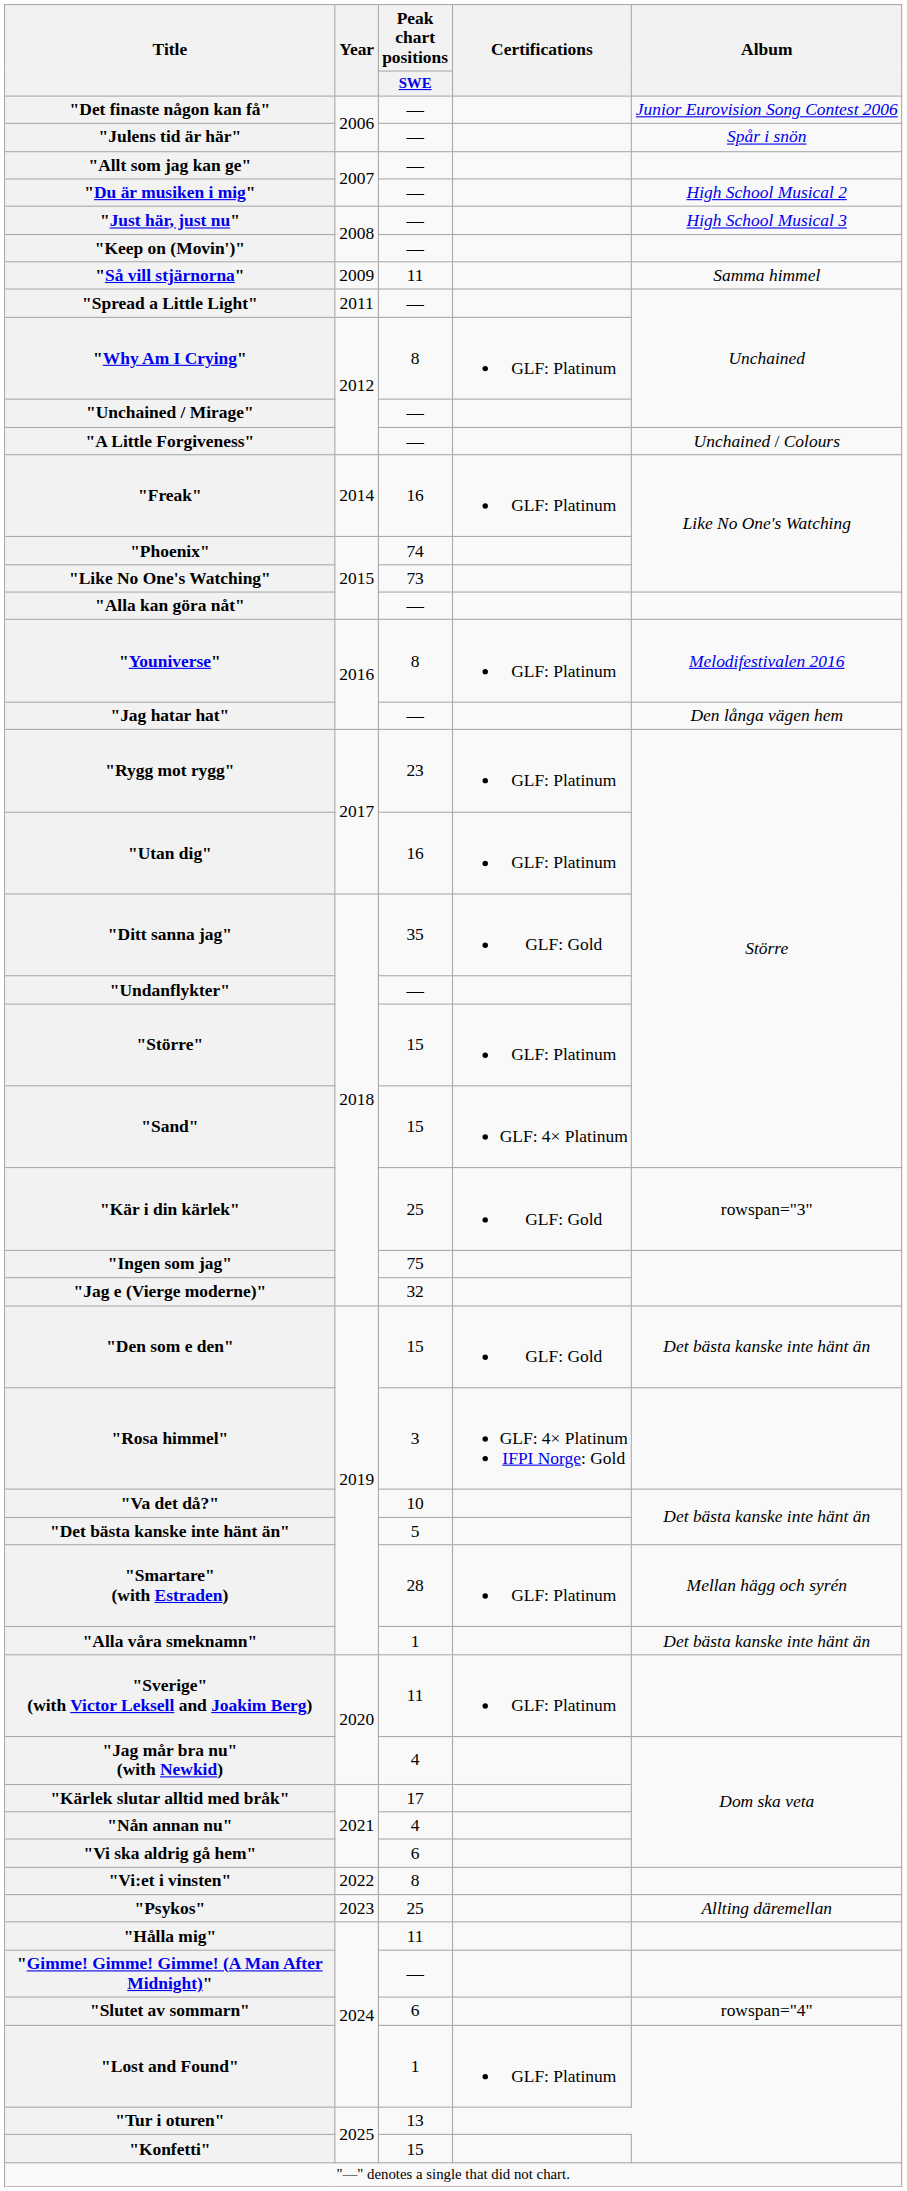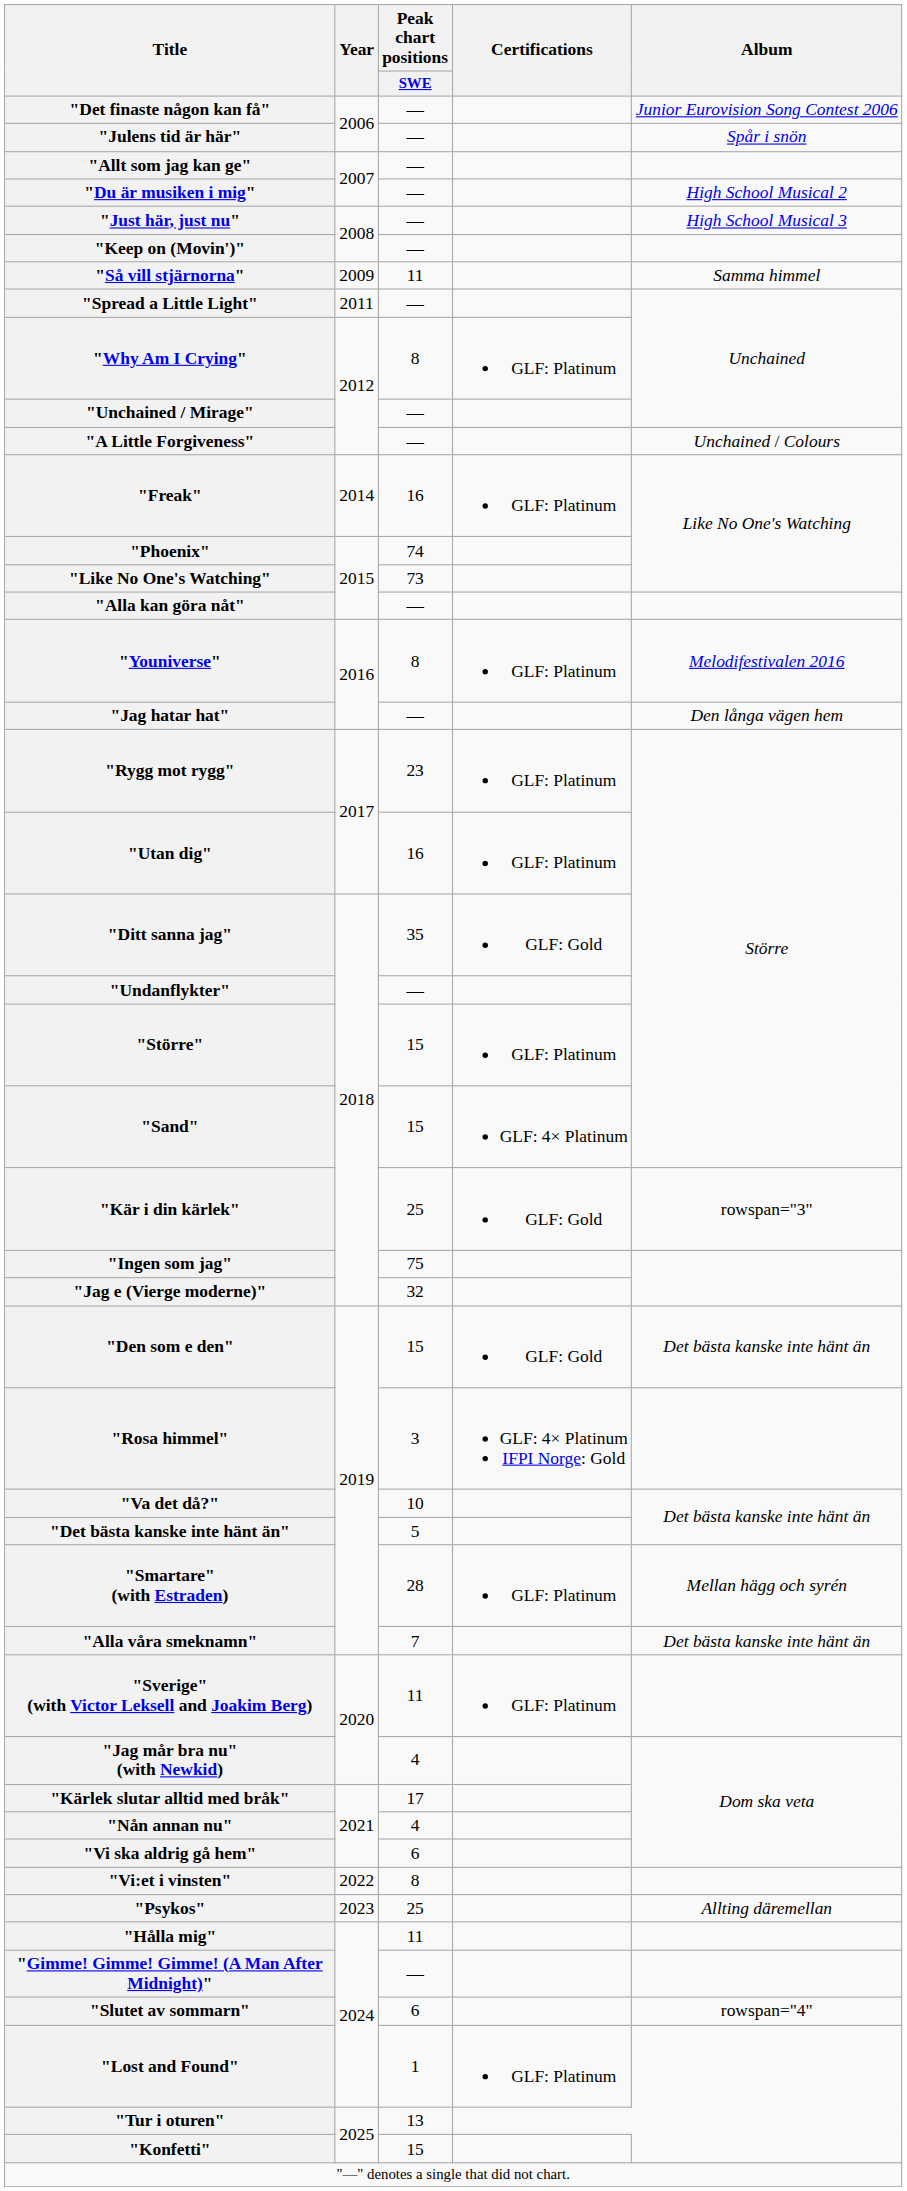 <table class="wikitable plainrowheaders" style="text-align:center;">
 <tr>
 <th scope="col" rowspan="2" style="width:18.5em;">Title</th>
 <th scope="col" rowspan="2" style="width:1em;">Year</th>
 <th scope="col">Peak chart positions</th>
 <th scope="col" rowspan="2">Certifications</th>
 <th scope="col" rowspan="2">Album</th>
 </tr>
 <tr>
 <th scope="col" style="width:3em;font-size:85%;"><a href='#'>SWE</a><br></th>
 </tr>
 <tr>
 <th scope="row">"Det finaste någon kan få"</th>
 <td rowspan="2">2006</td>
 <td>—</td>
 <td></td>
 <td><em><a href='#'>Junior Eurovision Song Contest 2006</a></em></td>
 </tr>
 <tr>
 <th scope="row">"Julens tid är här"<br></th>
 <td>—</td>
 <td></td>
 <td><em><a href='#'>Spår i snön</a></em></td>
 </tr>
 <tr>
 <th scope="row">"Allt som jag kan ge"<br></th>
 <td rowspan="2">2007</td>
 <td>—</td>
 <td></td>
 <td></td>
 </tr>
 <tr>
 <th scope="row">"<a href='#'>Du är musiken i mig</a>"<br></th>
 <td>—</td>
 <td></td>
 <td><em><a href='#'>High School Musical 2</a></em></td>
 </tr>
 <tr>
 <th scope="row">"<a href='#'>Just här, just nu</a>"<br></th>
 <td rowspan="2">2008</td>
 <td>—</td>
 <td></td>
 <td><em><a href='#'>High School Musical 3</a></em></td>
 </tr>
 <tr>
 <th scope="row">"Keep on (Movin')"</th>
 <td>—</td>
 <td></td>
 <td></td>
 </tr>
 <tr>
 <th scope="row">"<a href='#'>Så vill stjärnorna</a>"</th>
 <td>2009</td>
 <td>11</td>
 <td></td>
 <td><em>Samma himmel</em></td>
 </tr>
 <tr>
 <th scope="row">"Spread a Little Light"</th>
 <td>2011</td>
 <td>—</td>
 <td></td>
 <td rowspan="3"><em>Unchained</em></td>
 </tr>
 <tr>
 <th scope="row">"<a href='#'>Why Am I Crying</a>"</th>
 <td rowspan="3">2012</td>
 <td>8</td>
 <td><br><ul><li>GLF: Platinum</li></ul></td>
 </tr>
 <tr>
 <th scope="row">"Unchained / Mirage"</th>
 <td>—</td>
 </tr>
 <tr>
 <th scope="row">"A Little Forgiveness"<br></th>
 <td>—</td>
 <td></td>
 <td><em>Unchained</em> / <em>Colours</em></td>
 </tr>
 <tr>
 <th scope="row">"Freak"</th>
 <td>2014</td>
 <td>16</td>
 <td><br><ul><li>GLF: Platinum</li></ul></td>
 <td rowspan="3"><em>Like No One's Watching</em></td>
 </tr>
 <tr>
 <th scope="row">"Phoenix"</th>
 <td rowspan="3">2015</td>
 <td>74</td>
 <td></td>
 </tr>
 <tr>
 <th scope="row">"Like No One's Watching"</th>
 <td>73</td>
 <td></td>
 </tr>
 <tr>
 <th scope="row">"Alla kan göra nåt"<br></th>
 <td>—</td>
 <td></td>
 <td></td>
 </tr>
 <tr>
 <th scope="row">"<a href='#'>Youniverse</a>"</th>
 <td rowspan="2">2016</td>
 <td>8</td>
 <td><br><ul><li>GLF: Platinum</li></ul></td>
 <td><em><a href='#'>Melodifestivalen 2016</a></em></td>
 </tr>
 <tr>
 <th scope="row">"Jag hatar hat"<br></th>
 <td>—</td>
 <td></td>
 <td><em>Den långa vägen hem</em></td>
 </tr>
 <tr>
 <th scope="row">"Rygg mot rygg"</th>
 <td rowspan="2">2017</td>
 <td>23</td>
 <td><br><ul><li>GLF: Platinum</li></ul></td>
 <td rowspan="6"><em>Större</em></td>
 </tr>
 <tr>
 <th scope="row">"Utan dig"<br></th>
 <td>16</td>
 <td><br><ul><li>GLF: Platinum</li></ul></td>
 </tr>
 <tr>
 <th scope="row">"Ditt sanna jag"<br></th>
 <td rowspan="7">2018</td>
 <td>35</td>
 <td><br><ul><li>GLF: Gold</li></ul></td>
 </tr>
 <tr>
 <th scope="row">"Undanflykter"</th>
 <td>—</td>
 <td></td>
 </tr>
 <tr>
 <th scope="row">"Större"</th>
 <td>15</td>
 <td><br><ul><li>GLF: Platinum</li></ul></td>
 </tr>
 <tr>
 <th scope="row">"Sand"</th>
 <td>15</td>
 <td><br><ul><li>GLF: 4× Platinum</li></ul></td>
 </tr>
 <tr>
 <th scope="row">"Kär i din kärlek" </th>
 <td>25</td>
 <td><br><ul><li>GLF: Gold</li></ul></td>
 <td>rowspan="3" </td>
 </tr>
 <tr>
 <th scope="row">"Ingen som jag" </th>
 <td>75</td>
 <td></td>
 </tr>
 <tr>
 <th scope="row">"Jag e (Vierge moderne)"</th>
 <td>32</td>
 <td></td>
 </tr>
 <tr>
 <th scope="row">"Den som e den"</th>
 <td rowspan="6">2019</td>
 <td>15</td>
 <td><br><ul><li>GLF: Gold</li></ul></td>
 <td><em>Det bästa kanske inte hänt än</em></td>
 </tr>
 <tr>
 <th scope="row">"Rosa himmel" </th>
 <td>3</td>
 <td><br><ul><li>GLF: 4× Platinum</li><li><a href='#'>IFPI Norge</a>: Gold</li></ul></td>
 <td></td>
 </tr>
 <tr>
 <th scope="row">"Va det då?"</th>
 <td>10</td>
 <td></td>
 <td rowspan="2"><em>Det bästa kanske inte hänt än</em></td>
 </tr>
 <tr>
 <th scope="row">"Det bästa kanske inte hänt än"</th>
 <td>5</td>
 <td></td>
 </tr>
 <tr>
 <th scope="row">"Smartare"<br><span>(with <a href='#'>Estraden</a>)</span></th>
 <td>28</td>
 <td><br><ul><li>GLF: Platinum</li></ul></td>
 <td><em>Mellan hägg och syrén</em></td>
 </tr>
 <tr>
 <th scope="row">"Alla våra smeknamn"</th>
-<td>1</td>
+<td>7</td>
 <td></td>
 <td><em>Det bästa kanske inte hänt än</em></td>
 </tr>
 <tr>
 <th scope="row">"Sverige"<br><span>(with <a href='#'>Victor Leksell</a> and <a href='#'>Joakim Berg</a>)</span></th>
 <td rowspan="2">2020</td>
 <td>11</td>
 <td><br><ul><li>GLF: Platinum</li></ul></td>
 <td></td>
 </tr>
 <tr>
 <th scope="row">"Jag mår bra nu"<br><span>(with <a href='#'>Newkid</a>)</span></th>
 <td>4</td>
 <td></td>
 <td rowspan="4"><em>Dom ska veta</em></td>
 </tr>
 <tr>
 <th scope="row">"Kärlek slutar alltid med bråk"</th>
 <td rowspan="3">2021</td>
 <td>17</td>
 <td></td>
 </tr>
 <tr>
 <th scope="row">"Nån annan nu"</th>
 <td>4</td>
 <td></td>
 </tr>
 <tr>
 <th scope="row">"Vi ska aldrig gå hem"</th>
 <td>6</td>
 <td></td>
 </tr>
 <tr>
 <th scope="row">"Vi:et i vinsten"</th>
 <td>2022</td>
 <td>8</td>
 <td></td>
 <td></td>
 </tr>
 <tr>
 <th scope="row">"Psykos"</th>
 <td>2023</td>
 <td>25</td>
 <td></td>
 <td><em>Allting däremellan</em></td>
 </tr>
 <tr>
 <th scope="row">"Hålla mig"</th>
 <td rowspan="4">2024</td>
 <td>11</td>
 <td></td>
 <td></td>
 </tr>
 <tr>
 <th scope="row">"<a href='#'>Gimme! Gimme! Gimme! (A Man After Midnight)</a>"</th>
 <td>—</td>
 <td></td>
 <td></td>
 </tr>
 <tr>
 <th scope="row">"Slutet av sommarn"</th>
 <td>6</td>
 <td></td>
 <td>rowspan="4" </td>
 </tr>
 <tr>
 <th scope="row">"Lost and Found"<br></th>
 <td>1</td>
 <td><br><ul><li>GLF: Platinum</li></ul></td>
 </tr>
 <tr>
 <th scope="row">"Tur i oturen"</th>
 <td rowspan="2">2025</td>
 <td>13<br></td>
 </tr>
 <tr>
 <th scope="row">"Konfetti"<br></th>
 <td>15<br></td>
 <td></td>
 </tr>
 <tr>
 <td colspan="12" style="font-size:85%">"—" denotes a single that did not chart.</td>
 </tr>
 </table>
